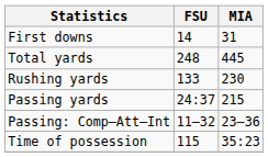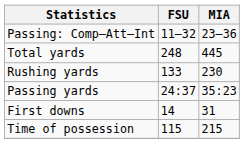 <table class="wikitable" style="float: left;">
 <tr>
 <th>Statistics</th>
 <th>FSU</th>
 <th>MIA</th>
 </tr>
 <tr>
-<td>First downs</td>
-<td>14</td>
-<td>31</td>
+<td>Passing: Comp–Att–Int</td>
+<td>11–32</td>
+<td>23–36</td>
 </tr>
 <tr>
 <td>Total yards</td>
 <td>248</td>
 <td>445</td>
 </tr>
 <tr>
 <td>Rushing yards</td>
 <td>133</td>
 <td>230</td>
 </tr>
 <tr>
 <td>Passing yards</td>
 <td>24:37</td>
-<td>215</td>
+<td>35:23</td>
 </tr>
 <tr>
-<td>Passing: Comp–Att–Int</td>
-<td>11–32</td>
-<td>23–36</td>
+<td>First downs</td>
+<td>14</td>
+<td>31</td>
 </tr>
 <tr>
 <td>Time of possession</td>
 <td>115</td>
-<td>35:23</td>
+<td>215</td>
 </tr>
 <tr>
 </tr>
 </table>
